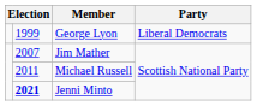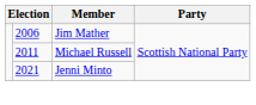 <table class="wikitable">
 <tr>
 <th colspan="2">Election</th>
 <th>Member</th>
 <th>Party</th>
 </tr>
 <tr>
-<td style="background-color: "></td>
-<td><a href='#'>1999</a></td>
-<td><a href='#'>George Lyon</a></td>
-<td><a href='#'>Liberal Democrats</a></td>
-</tr>
-<tr>
 <td rowspan="3" style="background-color: "></td>
-<td><a href='#'>2007</a></td>
+<td><a href='#'>2006</a></td>
 <td><a href='#'>Jim Mather</a></td>
 <td rowspan="3"><a href='#'>Scottish National Party</a></td>
 </tr>
 <tr>
 <td><a href='#'>2011</a></td>
 <td><a href='#'>Michael Russell</a></td>
 </tr>
 <tr>
-<td><strong><a href='#'>2021</a></strong></td>
+<td><a href='#'>2021</a></td>
 <td><a href='#'>Jenni Minto</a></td>
 </tr>
 </table>
